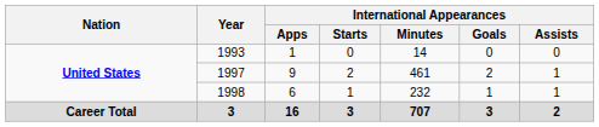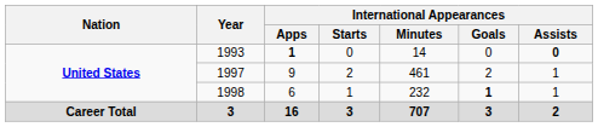 <table class="wikitable" style=font-size:90% text-align: center width=35%>
 <tr>
 <th rowspan=2 width=20%>Nation</th>
 <th rowspan=2 width=7%>Year</th>
 <th colspan=5 width=30%>International Appearances</th>
 </tr>
 <tr>
 <th align=center>Apps</th>
 <th align=center>Starts</th>
 <th align=center>Minutes</th>
 <th align=center>Goals</th>
 <th align=center>Assists</th>
 </tr>
 <tr>
 <td rowspan=3 align=center><strong><a href='#'>United States</a></strong></td>
 <td align=center>1993</td>
-<td align=center>1</td>
+<td align=center><strong>1</strong></td>
 <td align=center>0</td>
 <td align=center>14</td>
 <td align=center>0</td>
-<td align=center>0</td>
+<td align=center><strong>0</strong></td>
 </tr>
 <tr>
 <td align=center>1997</td>
 <td align=center>9</td>
 <td align=center>2</td>
 <td align=center>461</td>
 <td align=center>2</td>
 <td align=center>1</td>
 </tr>
 <tr>
 <td align=center>1998</td>
 <td align=center>6</td>
 <td align=center>1</td>
 <td align=center>232</td>
-<td align=center>1</td>
+<td align=center><strong>1</strong></td>
 <td align=center>1</td>
 </tr>
 <tr>
 <th style="background: #DCDCDC" align=center>Career Total</th>
 <th style="background: #DCDCDC" align=center>3</th>
 <th style="background: #DCDCDC" align=center>16</th>
 <th style="background: #DCDCDC" align=center>3</th>
 <th style="background: #DCDCDC" align=center>707</th>
 <th style="background: #DCDCDC" align=center>3</th>
 <th style="background: #DCDCDC" align=center>2</th>
 </tr>
 </table>
